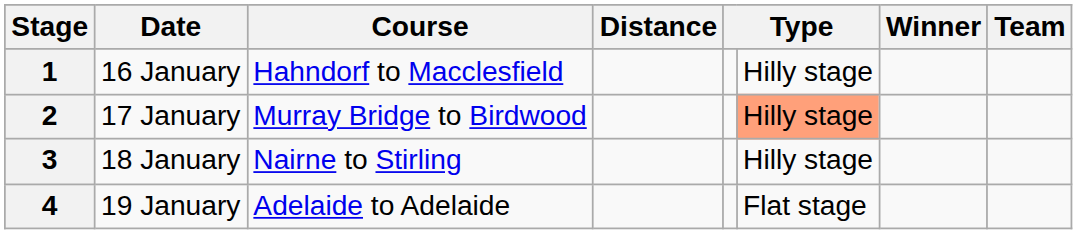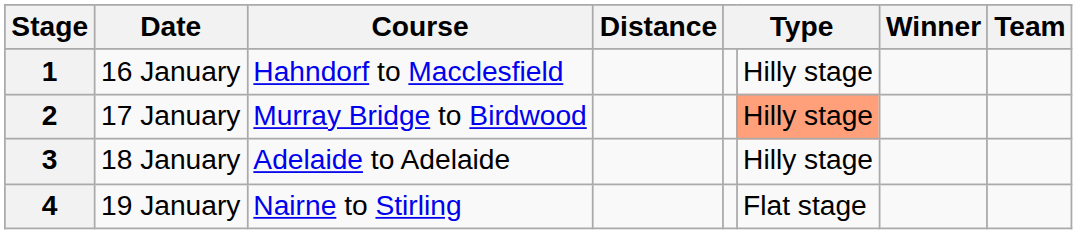 <table class=wikitable>
 <tr>
 <th>Stage</th>
 <th>Date</th>
 <th>Course</th>
 <th>Distance</th>
 <th colspan=2>Type</th>
 <th>Winner</th>
 <th>Team</th>
 </tr>
 <tr>
 <th align=center>1</th>
 <td align=center>16 January</td>
 <td><a href='#'>Hahndorf</a> to <a href='#'>Macclesfield</a></td>
 <td align=center></td>
 <td></td>
 <td>Hilly stage</td>
 <td></td>
 <td></td>
 </tr>
 <tr>
 <th align=center>2</th>
 <td align=center>17 January</td>
 <td><a href='#'>Murray Bridge</a> to <a href='#'>Birdwood</a></td>
 <td align=center></td>
 <td></td>
 <td style="background: lightsalmon;">Hilly stage</td>
 <td></td>
 <td></td>
 </tr>
 <tr>
 <th align=center>3</th>
 <td align=center>18 January</td>
-<td><a href='#'>Nairne</a> to <a href='#'>Stirling</a></td>
+<td><a href='#'>Adelaide</a> to Adelaide</td>
 <td align=center></td>
 <td></td>
 <td>Hilly stage</td>
 <td></td>
 <td></td>
 </tr>
 <tr>
 <th align=center>4</th>
 <td align=center>19 January</td>
-<td><a href='#'>Adelaide</a> to Adelaide</td>
+<td><a href='#'>Nairne</a> to <a href='#'>Stirling</a></td>
 <td align=center></td>
 <td></td>
 <td>Flat stage</td>
 <td></td>
 <td></td>
 </tr>
 </table>
